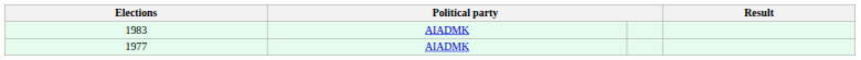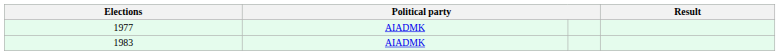 <table class="wikitable sortable" style="width:100%;background:#E5FCED;text-align:center">
 <tr>
 <th>Elections</th>
 <th colspan=2>Political party</th>
 <th>Result</th>
 </tr>
 <tr>
+<td>1977</td>
+<td><a href='#'>AIADMK</a></td>
+<td></td>
+<td></td>
+</tr>
+<tr>
 <td>1983</td>
 <td><a href='#'>AIADMK</a></td>
 <td></td>
 <td></td>
 </tr>
-<tr>
-<td>1977</td>
-<td><a href='#'>AIADMK</a></td>
-<td></td>
-<td></td>
-</tr>
 </table>
